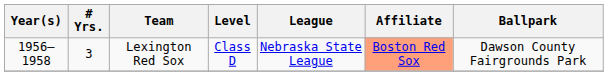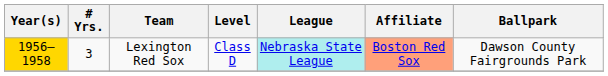 <table class="wikitable" style="text-align:center; font-size: 95%;">
 <tr>
 <th>Year(s)</th>
 <th># Yrs.</th>
 <th>Team</th>
 <th>Level</th>
 <th>League</th>
 <th>Affiliate</th>
 <th>Ballpark</th>
 </tr>
 <tr>
-<td>1956–1958</td>
+<td style="background: gold;">1956–1958</td>
 <td>3</td>
 <td>Lexington Red Sox</td>
 <td><a href='#'>Class D</a></td>
-<td><a href='#'>Nebraska State League</a></td>
+<td style="background: paleturquoise;"><a href='#'>Nebraska State League</a></td>
 <td style="background: lightsalmon;"><a href='#'>Boston Red Sox</a></td>
 <td>Dawson County Fairgrounds Park</td>
 </tr>
 <tr>
 </tr>
 </table>
